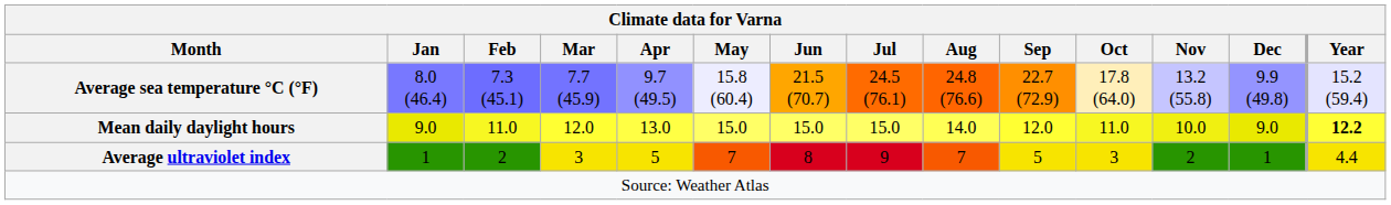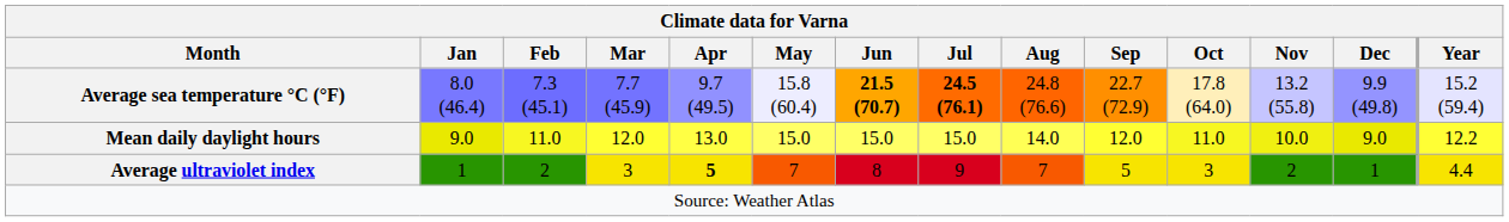 <table class="wikitable mw-collapsible" style="width:100%;text-align:center;line-height:1.2em;margin-left:auto;margin-right:auto">
 <tr>
 <th colspan="14">Climate data for Varna</th>
 </tr>
 <tr>
 <th>Month</th>
 <th>Jan</th>
 <th>Feb</th>
 <th>Mar</th>
 <th>Apr</th>
 <th>May</th>
 <th>Jun</th>
 <th>Jul</th>
 <th>Aug</th>
 <th>Sep</th>
 <th>Oct</th>
 <th>Nov</th>
 <th>Dec</th>
 <th style="border-left-width:medium">Year</th>
 </tr>
 <tr>
 <th>Average sea temperature °C (°F)</th>
 <td style="background:#7878FF;color:#000000;">8.0<br>(46.4)</td>
 <td style="background:#6D6DFF;color:#000000;">7.3<br>(45.1)</td>
 <td style="background:#7373FF;color:#000000;">7.7<br>(45.9)</td>
 <td style="background:#9191FF;color:#000000;">9.7<br>(49.5)</td>
 <td style="background:#EDEDFF;color:#000000;">15.8<br>(60.4)</td>
-<td style="background:#FFA600;color:#000000;">21.5<br>(70.7)</td>
-<td style="background:#FF6B00;color:#000000;">24.5<br>(76.1)</td>
+<td style="background:#FFA600;color:#000000;"><strong>21.5<br>(70.7)</strong></td>
+<td style="background:#FF6B00;color:#000000;"><strong>24.5<br>(76.1)</strong></td>
 <td style="background:#FF6500;color:#000000;">24.8<br>(76.6)</td>
 <td style="background:#FF8F00;color:#000000;">22.7<br>(72.9)</td>
 <td style="background:#FFEFBA;color:#000000;">17.8<br>(64.0)</td>
 <td style="background:#C5C5FF;color:#000000;">13.2<br>(55.8)</td>
 <td style="background:#9494FF;color:#000000;">9.9<br>(49.8)</td>
 <td style="background:#E4E4FF;color:#000000;border-left-width:medium">15.2<br>(59.4)</td>
 </tr>
 <tr>
 <th>Mean daily daylight hours</th>
 <td style="background:#E9E900;color:#000000;">9.0</td>
 <td style="background:#F7F722;color:#000000;">11.0</td>
 <td style="background:#FFFF33;color:#000000;">12.0</td>
 <td style="background:#FFFF44;color:#000000;">13.0</td>
 <td style="background:#FFFF66;color:#000000;">15.0</td>
 <td style="background:#FFFF66;color:#000000;">15.0</td>
 <td style="background:#FFFF66;color:#000000;">15.0</td>
 <td style="background:#FFFF55;color:#000000;">14.0</td>
 <td style="background:#FFFF33;color:#000000;">12.0</td>
 <td style="background:#F7F722;color:#000000;">11.0</td>
 <td style="background:#F0F011;color:#000000;">10.0</td>
 <td style="background:#E9E900;color:#000000;">9.0</td>
-<td style="background:#FFFF35;color:#000000;border-left-width:medium"><strong>12.2</strong></td>
+<td style="background:#FFFF35;color:#000000;border-left-width:medium">12.2</td>
 </tr>
 <tr>
 <th>Average <a href='#'>ultraviolet index</a></th>
 <td style="background:#289500;color:#000000;">1</td>
 <td style="background:#289500;color:#000000;">2</td>
 <td style="background:#f7e400;color:#000000;">3</td>
-<td style="background:#f7e400;color:#000000;">5</td>
+<td style="background:#f7e400;color:#000000;"><strong>5</strong></td>
 <td style="background:#f85900;color:#000000;">7</td>
 <td style="background:#d8001d;color:#000000;">8</td>
 <td style="background:#d8001d;color:#000000;">9</td>
 <td style="background:#f85900;color:#000000;">7</td>
 <td style="background:#f7e400;color:#000000;">5</td>
 <td style="background:#f7e400;color:#000000;">3</td>
 <td style="background:#289500;color:#000000;">2</td>
 <td style="background:#289500;color:#000000;">1</td>
 <td style="background:#f7e400;color:#000000;border-left-width:medium">4.4</td>
 </tr>
 <tr>
 <th colspan="14" style="background:#f8f9fa;font-weight:normal;font-size:95%;">Source: Weather Atlas</th>
 </tr>
 </table>
